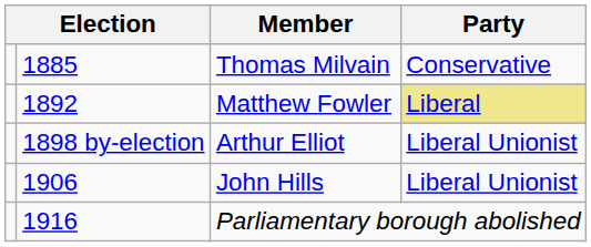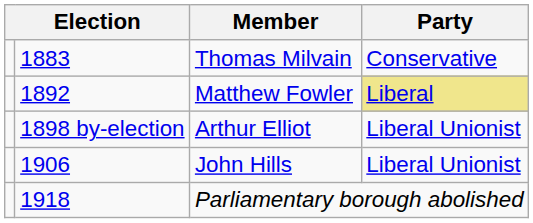 <table class="wikitable">
 <tr>
 <th colspan="2">Election</th>
 <th>Member</th>
 <th>Party</th>
 </tr>
 <tr>
 <td style="color:inherit;background-color: "></td>
-<td><a href='#'>1885</a></td>
+<td><a href='#'>1883</a></td>
 <td><a href='#'>Thomas Milvain</a></td>
 <td><a href='#'>Conservative</a></td>
 </tr>
 <tr>
 <td style="color:inherit;background-color: "></td>
 <td><a href='#'>1892</a></td>
 <td><a href='#'>Matthew Fowler</a></td>
 <td style="background: khaki;"><a href='#'>Liberal</a></td>
 </tr>
 <tr>
 <td style="color:inherit;background-color: "></td>
 <td><a href='#'>1898 by-election</a></td>
 <td><a href='#'>Arthur Elliot</a></td>
 <td><a href='#'>Liberal Unionist</a></td>
 </tr>
 <tr>
 <td style="color:inherit;background-color: "></td>
 <td><a href='#'>1906</a></td>
 <td><a href='#'>John Hills</a></td>
 <td><a href='#'>Liberal Unionist</a></td>
 </tr>
 <tr>
 <td></td>
-<td><a href='#'>1916</a></td>
+<td><a href='#'>1918</a></td>
 <td colspan="2"><em>Parliamentary borough abolished</em></td>
 </tr>
 </table>
